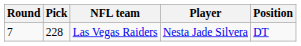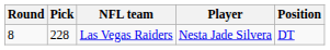 <table class="wikitable">
 <tr>
 <th style="text-align:center; ">Round</th>
 <th style="text-align:center; ">Pick</th>
 <th style="text-align:center; ">NFL team</th>
 <th style="text-align:center; ">Player</th>
 <th style="text-align:center; ">Position</th>
 </tr>
 <tr>
-<td>7</td>
+<td>8</td>
 <td>228</td>
 <td><a href='#'>Las Vegas Raiders</a></td>
 <td><a href='#'>Nesta Jade Silvera</a></td>
 <td><a href='#'>DT</a></td>
 </tr>
 </table>
